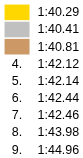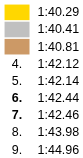 <table style="text-align:center">
 <tr>
 <td width=30 bgcolor=gold></td>
 <td align=left></td>
 <td width=60>1:40.29</td>
 </tr>
 <tr>
 <td bgcolor=silver></td>
 <td align=left></td>
 <td>1:40.41</td>
 </tr>
 <tr>
 <td bgcolor=cc9966></td>
 <td align=left></td>
 <td>1:40.81</td>
 </tr>
 <tr>
 <td>4.</td>
 <td align=left></td>
 <td>1:42.12</td>
 </tr>
 <tr>
 <td>5.</td>
 <td align=left></td>
 <td>1:42.14</td>
 </tr>
 <tr>
-<td>6.</td>
+<td><strong>6.</strong></td>
 <td align=left></td>
 <td>1:42.44</td>
 </tr>
 <tr>
-<td>7.</td>
+<td><strong>7.</strong></td>
 <td align=left></td>
 <td>1:42.46</td>
 </tr>
 <tr>
 <td>8.</td>
 <td align=left></td>
 <td>1:43.98</td>
 </tr>
 <tr>
 <td>9.</td>
 <td align=left></td>
 <td>1:44.96</td>
 </tr>
 </table>
